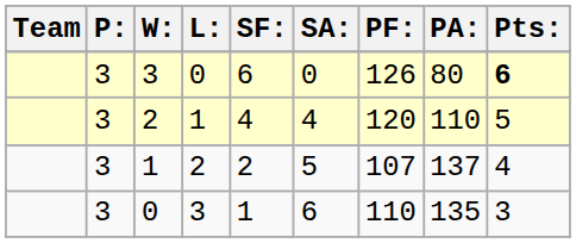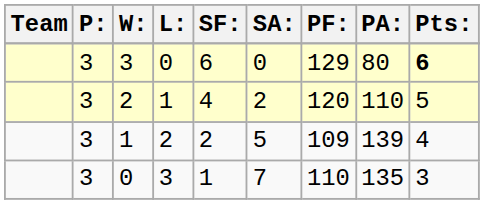 <table class="wikitable">
 <tr>
 <th>Team</th>
 <th>P:</th>
 <th>W:</th>
 <th>L:</th>
 <th>SF:</th>
 <th>SA:</th>
 <th>PF:</th>
 <th>PA:</th>
 <th>Pts:</th>
 </tr>
 <tr valign="top">
 </tr>
 <tr bgcolor="#ffffcc">
 <td></td>
 <td>3</td>
 <td>3</td>
 <td>0</td>
 <td>6</td>
 <td>0</td>
-<td>126</td>
+<td>129</td>
 <td>80</td>
 <td><strong>6</strong></td>
 </tr>
 <tr bgcolor="#ffffcc">
 <td></td>
 <td>3</td>
 <td>2</td>
 <td>1</td>
 <td>4</td>
-<td>4</td>
+<td>2</td>
 <td>120</td>
 <td>110</td>
 <td>5</td>
 </tr>
 <tr>
 <td></td>
 <td>3</td>
 <td>1</td>
 <td>2</td>
 <td>2</td>
 <td>5</td>
-<td>107</td>
-<td>137</td>
+<td>109</td>
+<td>139</td>
 <td>4</td>
 </tr>
 <tr>
 <td></td>
 <td>3</td>
 <td>0</td>
 <td>3</td>
 <td>1</td>
-<td>6</td>
+<td>7</td>
 <td>110</td>
 <td>135</td>
 <td>3</td>
 </tr>
 </table>
